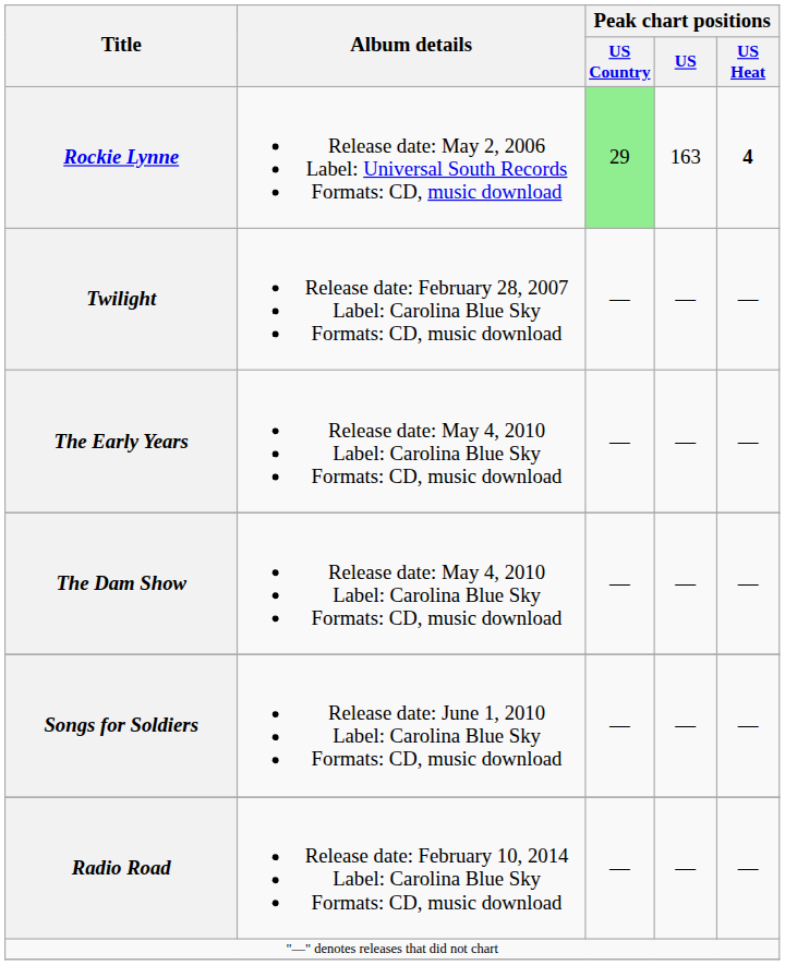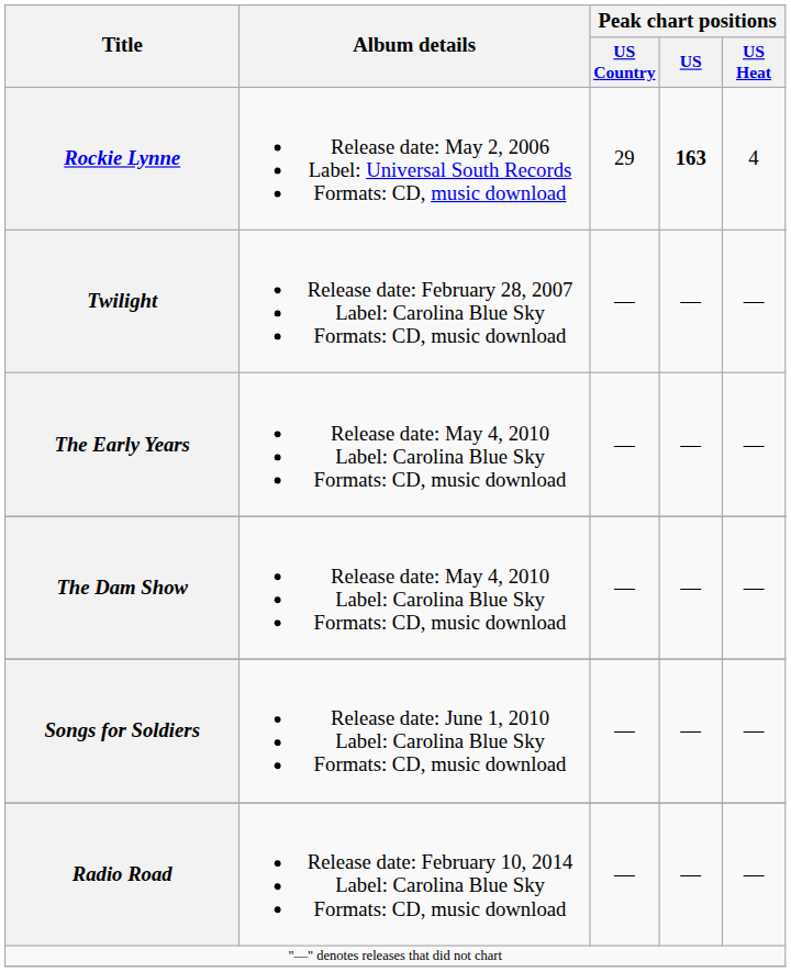 <table class="wikitable plainrowheaders" style="text-align:center;">
 <tr>
 <th rowspan="2" style="width:12em;">Title</th>
 <th rowspan="2" style="width:18em;">Album details</th>
 <th colspan="3">Peak chart positions</th>
 </tr>
 <tr style="font-size:smaller;">
 <th width="45"><a href='#'>US Country</a><br></th>
 <th width="45"><a href='#'>US</a><br></th>
 <th width="45"><a href='#'>US<br>Heat</a><br></th>
 </tr>
 <tr>
 <th scope="row"><em><a href='#'>Rockie Lynne</a></em></th>
 <td><br><ul><li>Release date: May 2, 2006</li><li>Label: <a href='#'>Universal South Records</a></li><li>Formats: CD, <a href='#'>music download</a></li></ul></td>
-<td style="background: lightgreen;">29</td>
-<td>163</td>
-<td><strong>4</strong></td>
+<td>29</td>
+<td><strong>163</strong></td>
+<td>4</td>
 </tr>
 <tr>
 <th scope="row"><em>Twilight</em></th>
 <td><br><ul><li>Release date: February 28, 2007</li><li>Label: Carolina Blue Sky</li><li>Formats: CD, music download</li></ul></td>
 <td>—</td>
 <td>—</td>
 <td>—</td>
 </tr>
 <tr>
 <th scope="row"><em>The Early Years</em></th>
 <td><br><ul><li>Release date: May 4, 2010</li><li>Label: Carolina Blue Sky</li><li>Formats: CD, music download</li></ul></td>
 <td>—</td>
 <td>—</td>
 <td>—</td>
 </tr>
 <tr>
 </tr>
 <tr>
 </tr>
 <tr>
 <th scope="row"><em>The Dam Show</em></th>
 <td><br><ul><li>Release date: May 4, 2010</li><li>Label: Carolina Blue Sky</li><li>Formats: CD, music download</li></ul></td>
 <td>—</td>
 <td>—</td>
 <td>—</td>
 </tr>
 <tr>
 </tr>
 <tr>
 <th scope="row"><em>Songs for Soldiers</em></th>
 <td><br><ul><li>Release date: June 1, 2010</li><li>Label: Carolina Blue Sky</li><li>Formats: CD, music download</li></ul></td>
 <td>—</td>
 <td>—</td>
 <td>—</td>
 </tr>
 <tr>
 </tr>
 <tr>
 <th scope="row"><em>Radio Road</em></th>
 <td><br><ul><li>Release date: February 10, 2014</li><li>Label: Carolina Blue Sky</li><li>Formats: CD, music download</li></ul></td>
 <td>—</td>
 <td>—</td>
 <td>—</td>
 </tr>
 <tr>
 <td colspan="10" style="font-size:8pt">"—" denotes releases that did not chart</td>
 </tr>
 <tr>
 </tr>
 </table>
